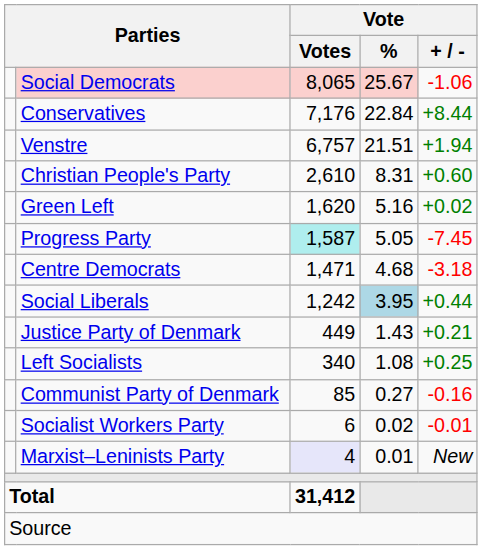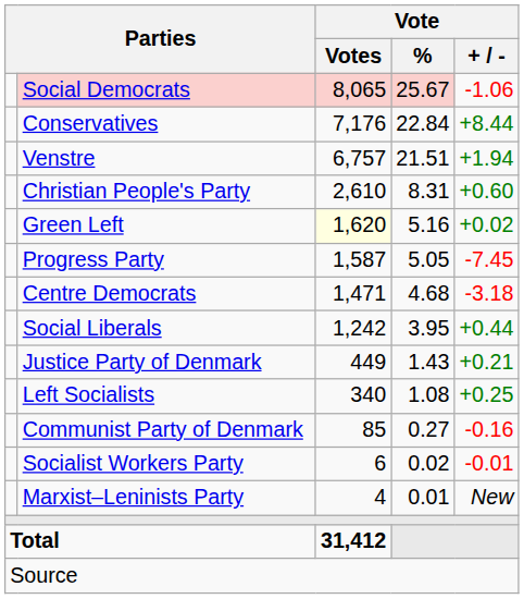 <table class="wikitable" style="text-align:right;">
 <tr>
 <th style="text-align:centre;" rowspan="2" colspan="2" width="225">Parties</th>
 <th colspan="3">Vote</th>
 </tr>
 <tr>
 <th width="15">Votes</th>
 <th width="15">%</th>
 <th width="15">+ / -</th>
 </tr>
 <tr>
 <td width="2" style="color:inherit;background:"></td>
 <td bgcolor=#fbd0ce  align="left"><a href='#'>Social Democrats</a></td>
 <td bgcolor=#fbd0ce>8,065</td>
 <td bgcolor=#fbd0ce>25.67</td>
 <td style=color:red;>-1.06</td>
 </tr>
 <tr>
 <td width="2" style="color:inherit;background:"></td>
 <td align="left"><a href='#'>Conservatives</a></td>
 <td>7,176</td>
 <td>22.84</td>
 <td style=color:green;>+8.44</td>
 </tr>
 <tr>
 <td width="2" style="color:inherit;background:"></td>
 <td align="left"><a href='#'>Venstre</a></td>
 <td>6,757</td>
 <td>21.51</td>
 <td style=color:green;>+1.94</td>
 </tr>
 <tr>
 <td width="2" style="color:inherit;background:"></td>
 <td align="left"><a href='#'>Christian People's Party</a></td>
 <td>2,610</td>
 <td>8.31</td>
 <td style=color:green;>+0.60</td>
 </tr>
 <tr>
 <td width="2" style="color:inherit;background:"></td>
 <td align="left"><a href='#'>Green Left</a></td>
-<td>1,620</td>
+<td style="background: lightyellow;">1,620</td>
 <td>5.16</td>
 <td style=color:green;>+0.02</td>
 </tr>
 <tr>
 <td width="2" style="color:inherit;background:"></td>
 <td align="left"><a href='#'>Progress Party</a></td>
-<td style="background: paleturquoise;">1,587</td>
+<td>1,587</td>
 <td>5.05</td>
 <td style=color:red;>-7.45</td>
 </tr>
 <tr>
 <td width="2" style="color:inherit;background:"></td>
 <td align="left"><a href='#'>Centre Democrats</a></td>
 <td>1,471</td>
 <td>4.68</td>
 <td style=color:red;>-3.18</td>
 </tr>
 <tr>
 <td width="2" style="color:inherit;background:"></td>
 <td align="left"><a href='#'>Social Liberals</a></td>
 <td>1,242</td>
-<td style="background: lightblue;">3.95</td>
+<td>3.95</td>
 <td style=color:green;>+0.44</td>
 </tr>
 <tr>
 <td width="2" style="color:inherit;background:"></td>
 <td align="left"><a href='#'>Justice Party of Denmark</a></td>
 <td>449</td>
 <td>1.43</td>
 <td style=color:green;>+0.21</td>
 </tr>
 <tr>
 <td width="2" style="color:inherit;background:"></td>
 <td align="left"><a href='#'>Left Socialists</a></td>
 <td>340</td>
 <td>1.08</td>
 <td style=color:green;>+0.25</td>
 </tr>
 <tr>
 <td width="2" style="color:inherit;background:"></td>
 <td align="left"><a href='#'>Communist Party of Denmark</a></td>
 <td>85</td>
 <td>0.27</td>
 <td style=color:red;>-0.16</td>
 </tr>
 <tr>
 <td width="2" style="color:inherit;background:"></td>
 <td align="left"><a href='#'>Socialist Workers Party</a></td>
 <td>6</td>
 <td>0.02</td>
 <td style=color:red;>-0.01</td>
 </tr>
 <tr>
 <td width="2" style="color:inherit;background:"></td>
 <td align="left"><a href='#'>Marxist–Leninists Party</a></td>
-<td style="background: lavender;">4</td>
+<td>4</td>
 <td>0.01</td>
 <td><em>New</em></td>
 </tr>
 <tr>
 <td colspan="7" bgcolor="#E9E9E9"></td>
 </tr>
 <tr>
 <td align="left" colspan="2"><strong>Total</strong></td>
 <td><strong>31,412</strong></td>
 <td bgcolor="#E9E9E9" colspan="2"></td>
 </tr>
 <tr>
 <td align="left" colspan="6">Source</td>
 </tr>
 </table>
